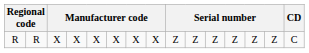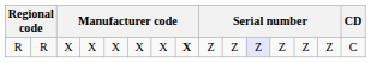 <table class="wikitable" style="text-align:center">
 <tr>
 <th colspan="2">Regional code</th>
 <th colspan="6">Manufacturer code</th>
 <th colspan="6">Serial number</th>
 <th style="white-space:nowrap">CD</th>
 </tr>
 <tr>
 <td style="width:1.5em">R</td>
 <td style="width:1.5em">R</td>
 <td style="width:1.5em">X</td>
 <td style="width:1.5em">X</td>
 <td style="width:1.5em">X</td>
 <td style="width:1.5em">X</td>
 <td style="width:1.5em">X</td>
-<td style="width:1.5em">X</td>
+<td style="width:1.5em"><strong>X</strong></td>
 <td style="width:1.5em">Z</td>
 <td style="width:1.5em">Z</td>
-<td style="width:1.5em">Z</td>
+<td style="background: lavender; width:1.5em">Z</td>
 <td style="width:1.5em">Z</td>
 <td style="width:1.5em">Z</td>
 <td style="width:1.5em">Z</td>
 <td style="width:1.5em">C</td>
 </tr>
 </table>
